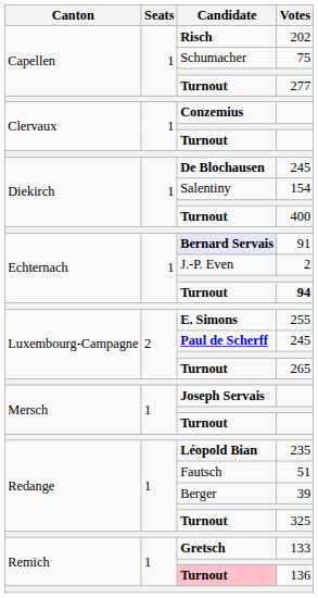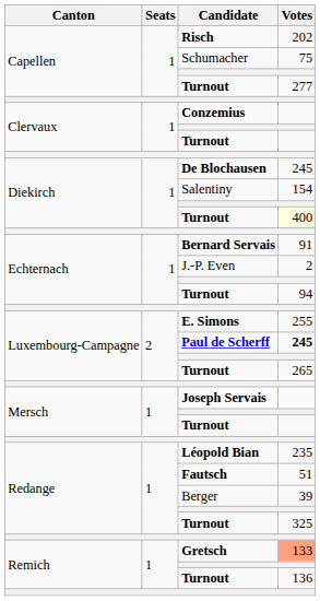 <table class="wikitable">
 <tr>
 <th>Canton</th>
 <th>Seats</th>
 <th>Candidate</th>
 <th>Votes</th>
 </tr>
 <tr>
 <td rowspan="4">Capellen</td>
 <td rowspan="4" align="right">1</td>
 <td><strong>Risch</strong></td>
 <td align="right">202</td>
 </tr>
 <tr>
 <td>Schumacher</td>
 <td align="right">75</td>
 </tr>
 <tr>
 <th colspan="2"></th>
 </tr>
 <tr>
 <td><strong>Turnout</strong></td>
 <td align="right">277</td>
 </tr>
 <tr>
 <th colspan="4"></th>
 </tr>
 <tr>
 <td rowspan="3">Clervaux</td>
 <td rowspan="3" align="right">1</td>
 <td><strong>Conzemius</strong></td>
 <td align="right"></td>
 </tr>
 <tr>
 <th colspan="2"></th>
 </tr>
 <tr>
 <td><strong>Turnout</strong></td>
 <td align="right"></td>
 </tr>
 <tr>
 <th colspan="4"></th>
 </tr>
 <tr>
 <td rowspan="4">Diekirch</td>
 <td rowspan="4" align="right">1</td>
 <td><strong>De Blochausen</strong></td>
 <td align="right">245</td>
 </tr>
 <tr>
 <td>Salentiny</td>
 <td align="right">154</td>
 </tr>
 <tr>
 <th colspan="2"></th>
 </tr>
 <tr>
 <td><strong>Turnout</strong></td>
-<td align="right">400</td>
+<td align="right" style="background: lightyellow;">400</td>
 </tr>
 <tr>
 <th colspan="4"></th>
 </tr>
 <tr>
 <td rowspan="4">Echternach</td>
 <td rowspan="4" align="right">1</td>
-<td style="background: lavender;"><strong>Bernard Servais</strong></td>
+<td><strong>Bernard Servais</strong></td>
 <td align="right">91</td>
 </tr>
 <tr>
 <td>J.-P. Even</td>
 <td align="right">2</td>
 </tr>
 <tr>
 <th colspan="2"></th>
 </tr>
 <tr>
 <td><strong>Turnout</strong></td>
-<td align="right"><strong>94</strong></td>
+<td align="right">94</td>
 </tr>
 <tr>
 <th colspan="4"></th>
 </tr>
 <tr>
 <td rowspan="4">Luxembourg-Campagne</td>
 <td rowspan="4">2</td>
 <td><strong>E. Simons</strong></td>
 <td align="right">255</td>
 </tr>
 <tr>
 <td><strong><a href='#'>Paul de Scherff</a></strong></td>
-<td align="right">245</td>
+<td align="right"><strong>245</strong></td>
 </tr>
 <tr>
 <th colspan="2"></th>
 </tr>
 <tr>
 <td><strong>Turnout</strong></td>
 <td align="right">265</td>
 </tr>
 <tr>
 <th colspan="4"></th>
 </tr>
 <tr>
 <td rowspan="3">Mersch</td>
 <td rowspan="3">1</td>
 <td><strong>Joseph Servais</strong></td>
 <td align="right"></td>
 </tr>
 <tr>
 <th colspan="2"></th>
 </tr>
 <tr>
 <td><strong>Turnout</strong></td>
 <td align="right"></td>
 </tr>
 <tr>
 <th colspan="4"></th>
 </tr>
 <tr>
 <td rowspan="5">Redange</td>
 <td rowspan="5">1</td>
 <td><strong>Léopold Bian</strong></td>
 <td align="right">235</td>
 </tr>
 <tr>
-<td>Fautsch</td>
+<td><strong>Fautsch</strong></td>
 <td align="right">51</td>
 </tr>
 <tr>
 <td>Berger</td>
 <td align="right">39</td>
 </tr>
 <tr>
 <th colspan="2"></th>
 </tr>
 <tr>
 <td><strong>Turnout</strong></td>
 <td align="right">325</td>
 </tr>
 <tr>
 <th colspan="4"></th>
 </tr>
 <tr>
 <td rowspan="3">Remich</td>
 <td rowspan="3">1</td>
 <td><strong>Gretsch</strong></td>
-<td align="right">133</td>
+<td align="right" style="background: lightsalmon;">133</td>
 </tr>
 <tr>
 <th colspan="2"></th>
 </tr>
 <tr>
-<td style="background: pink;"><strong>Turnout</strong></td>
+<td><strong>Turnout</strong></td>
 <td align="right">136</td>
 </tr>
 <tr>
 <th colspan="4"></th>
 </tr>
 </table>
